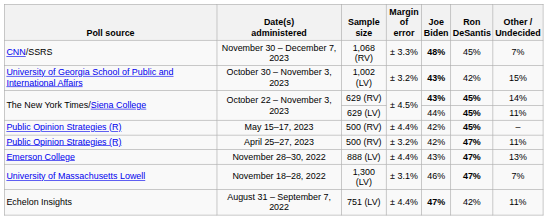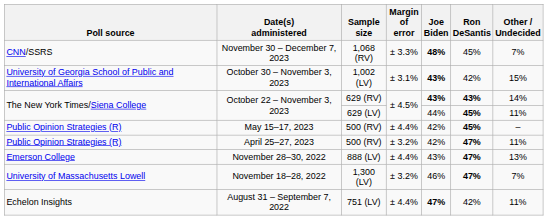 <table class="wikitable sortable mw-datatable" style="font-size:90%;text-align:center;line-height:17px">
 <tr valign=bottom>
 <th>Poll source</th>
 <th>Date(s)<br>administered</th>
 <th>Sample<br>size</th>
 <th>Margin<br>of error</th>
 <th class="unsortable">Joe<br>Biden<br></th>
 <th class="unsortable">Ron<br>DeSantis<br></th>
 <th class="unsortable">Other /<br>Undecided</th>
 </tr>
 <tr>
 <td style="text-align:left;"><a href='#'>CNN</a>/SSRS</td>
 <td data-sort-value="2023-12-11">November 30 – December 7, 2023</td>
 <td>1,068 (RV)</td>
 <td>± 3.3%</td>
 <td style="color:black;background-color:"><strong>48%</strong></td>
 <td>45%</td>
 <td>7%</td>
 </tr>
 <tr>
 <td style="text-align:left;"><a href='#'>University of Georgia School of Public and International Affairs</a></td>
 <td data-sort-value=2023-11-05>October 30 – November 3, 2023</td>
 <td>1,002 (LV)</td>
-<td>± 3.2%</td>
+<td>± 3.1%</td>
 <td style="color:black;background-color:"><strong>43%</strong></td>
 <td>42%</td>
 <td>15%</td>
 </tr>
 <tr>
 <td style="text-align:left;" rowspan="2">The New York Times/<a href='#'>Siena College</a></td>
 <td rowspan="2">October 22 – November 3, 2023</td>
 <td>629 (RV)</td>
 <td rowspan="2">± 4.5%</td>
 <td><strong>43%</strong></td>
-<td><strong>45%</strong></td>
+<td><strong>43%</strong></td>
 <td>14%</td>
 </tr>
 <tr>
 <td>629 (LV)</td>
 <td>44%</td>
 <td style="background-color:"><strong>45%</strong></td>
 <td>11%</td>
 </tr>
 <tr>
 <td style="text-align:left;"><a href='#'>Public Opinion Strategies (R)</a></td>
 <td data-sort-value=2023-04-27>May 15–17, 2023</td>
 <td>500 (RV)</td>
 <td>± 4.4%</td>
 <td>42%</td>
 <td style="background-color:"><strong>45%</strong></td>
 <td>–</td>
 </tr>
 <tr>
 <td style="text-align:left;"><a href='#'>Public Opinion Strategies (R)</a></td>
 <td data-sort-value=2023-04-27>April 25–27, 2023</td>
 <td>500 (RV)</td>
 <td>± 3.2%</td>
 <td>42%</td>
 <td style="background-color:"><strong>47%</strong></td>
 <td>11%</td>
 </tr>
 <tr>
 <td style="text-align:left;"><a href='#'>Emerson College</a></td>
 <td data-sort-value=2022-11-30>November 28–30, 2022</td>
 <td>888 (LV)</td>
 <td>± 4.4%</td>
 <td>43%</td>
 <td style="background-color:"><strong>47%</strong></td>
 <td>13%</td>
 </tr>
 <tr>
 <td style="text-align:left;"><a href='#'>University of Massachusetts Lowell</a></td>
 <td data-sort-value=2022-11-28>November 18–28, 2022</td>
 <td>1,300 (LV)</td>
-<td>± 3.1%</td>
+<td>± 3.2%</td>
 <td>46%</td>
 <td style="background-color:"><strong>47%</strong></td>
 <td>7%</td>
 </tr>
 <tr>
 <td style="text-align:left;">Echelon Insights</td>
 <td data-sort-value=2022-09-07>August 31 – September 7, 2022</td>
 <td>751 (LV)</td>
 <td>± 4.4%</td>
 <td style="color:black;background-color:"><strong>47%</strong></td>
 <td>42%</td>
 <td>11%</td>
 </tr>
 </table>
